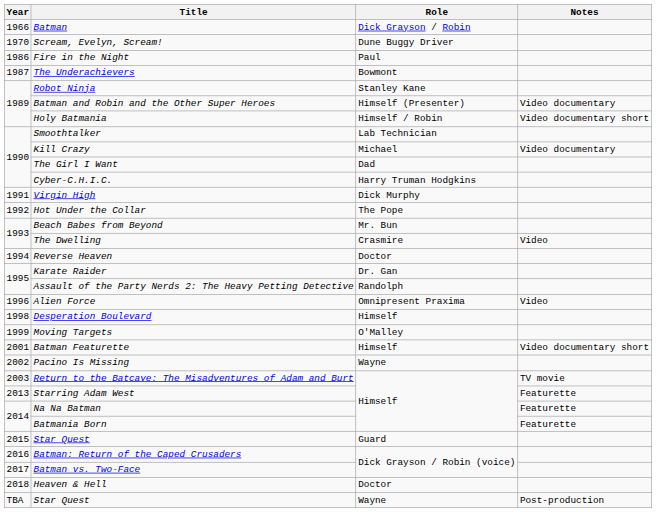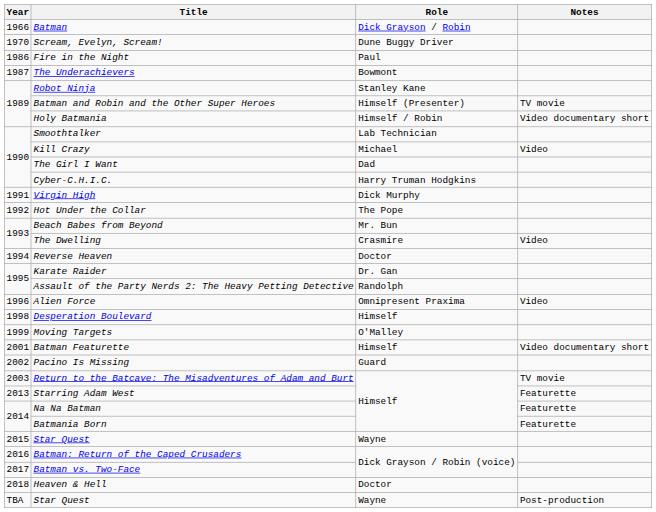 <table class="wikitable">
 <tr>
 <th>Year</th>
 <th>Title</th>
 <th>Role</th>
 <th>Notes</th>
 </tr>
 <tr>
 <td>1966</td>
 <td><em><a href='#'>Batman</a></em></td>
 <td><a href='#'>Dick Grayson</a> / <a href='#'>Robin</a></td>
 <td></td>
 </tr>
 <tr>
 <td>1970</td>
 <td><em>Scream, Evelyn, Scream!</em></td>
 <td>Dune Buggy Driver</td>
 <td></td>
 </tr>
 <tr>
 <td>1986</td>
 <td><em>Fire in the Night</em></td>
 <td>Paul</td>
 <td></td>
 </tr>
 <tr>
 <td>1987</td>
 <td><em><a href='#'>The Underachievers</a></em></td>
 <td>Bowmont</td>
 <td></td>
 </tr>
 <tr>
 <td rowspan="3">1989</td>
 <td><em><a href='#'>Robot Ninja</a></em></td>
 <td>Stanley Kane</td>
 <td></td>
 </tr>
 <tr>
 <td><em>Batman and Robin and the Other Super Heroes</em></td>
 <td>Himself (Presenter)</td>
-<td>Video documentary</td>
+<td>TV movie</td>
 </tr>
 <tr>
 <td><em>Holy Batmania</em></td>
 <td>Himself / Robin</td>
 <td>Video documentary short</td>
 </tr>
 <tr>
 <td rowspan="4">1990</td>
 <td><em>Smoothtalker</em></td>
 <td>Lab Technician</td>
 <td></td>
 </tr>
 <tr>
 <td><em>Kill Crazy</em></td>
 <td>Michael</td>
-<td>Video documentary</td>
+<td>Video</td>
 </tr>
 <tr>
 <td><em>The Girl I Want</em></td>
 <td>Dad</td>
 <td></td>
 </tr>
 <tr>
 <td><em>Cyber-C.H.I.C.</em></td>
 <td>Harry Truman Hodgkins</td>
 <td></td>
 </tr>
 <tr>
 <td>1991</td>
 <td><em><a href='#'>Virgin High</a></em></td>
 <td>Dick Murphy</td>
 <td></td>
 </tr>
 <tr>
 <td>1992</td>
 <td><em>Hot Under the Collar</em></td>
 <td>The Pope</td>
 <td></td>
 </tr>
 <tr>
 <td rowspan="2">1993</td>
 <td><em>Beach Babes from Beyond</em></td>
 <td>Mr. Bun</td>
 <td></td>
 </tr>
 <tr>
 <td><em>The Dwelling</em></td>
 <td>Crasmire</td>
 <td>Video</td>
 </tr>
 <tr>
 <td>1994</td>
 <td><em>Reverse Heaven</em></td>
 <td>Doctor</td>
 <td></td>
 </tr>
 <tr>
 <td rowspan="2">1995</td>
 <td><em>Karate Raider</em></td>
 <td>Dr. Gan</td>
 <td></td>
 </tr>
 <tr>
 <td><em>Assault of the Party Nerds 2: The Heavy Petting Detective</em></td>
 <td>Randolph</td>
 <td></td>
 </tr>
 <tr>
 <td>1996</td>
 <td><em>Alien Force</em></td>
 <td>Omnipresent Praxima</td>
 <td>Video</td>
 </tr>
 <tr>
 <td>1998</td>
 <td><em><a href='#'>Desperation Boulevard</a></em></td>
 <td>Himself</td>
 <td></td>
 </tr>
 <tr>
 <td>1999</td>
 <td><em>Moving Targets</em></td>
 <td>O'Malley</td>
 <td></td>
 </tr>
 <tr>
 <td>2001</td>
 <td><em>Batman Featurette</em></td>
 <td>Himself</td>
 <td>Video documentary short</td>
 </tr>
 <tr>
 <td>2002</td>
 <td><em>Pacino Is Missing</em></td>
-<td>Wayne</td>
+<td>Guard</td>
 <td></td>
 </tr>
 <tr>
 <td>2003</td>
 <td><em><a href='#'>Return to the Batcave: The Misadventures of Adam and Burt</a></em></td>
 <td rowspan="4">Himself</td>
 <td>TV movie</td>
 </tr>
 <tr>
 <td>2013</td>
 <td><em>Starring Adam West</em></td>
 <td>Featurette</td>
 </tr>
 <tr>
 <td rowspan="2">2014</td>
 <td><em>Na Na Batman</em></td>
 <td>Featurette</td>
 </tr>
 <tr>
 <td><em>Batmania Born</em></td>
 <td>Featurette</td>
 </tr>
 <tr>
 <td>2015</td>
 <td><em><a href='#'>Star Quest</a></em></td>
-<td>Guard</td>
+<td>Wayne</td>
 <td></td>
 </tr>
 <tr>
 <td>2016</td>
 <td><em><a href='#'>Batman: Return of the Caped Crusaders</a></em></td>
 <td rowspan="2">Dick Grayson / Robin (voice)</td>
 <td></td>
 </tr>
 <tr>
 <td>2017</td>
 <td><em><a href='#'>Batman vs. Two-Face</a></em></td>
 <td></td>
 </tr>
 <tr>
 <td>2018</td>
 <td><em>Heaven & Hell</em></td>
 <td>Doctor</td>
 <td></td>
 </tr>
 <tr>
 <td>TBA</td>
 <td><em>Star Quest</em></td>
 <td>Wayne</td>
 <td>Post-production</td>
 </tr>
 </table>
